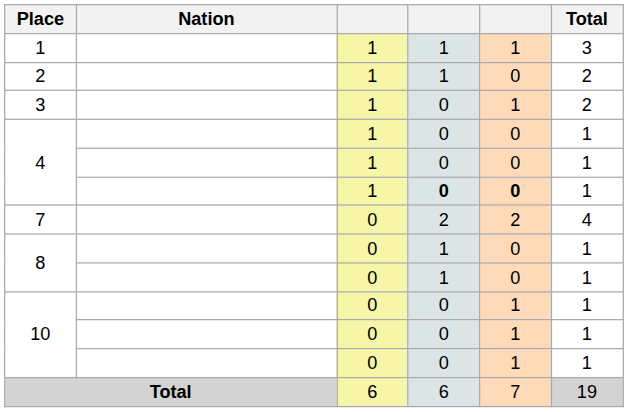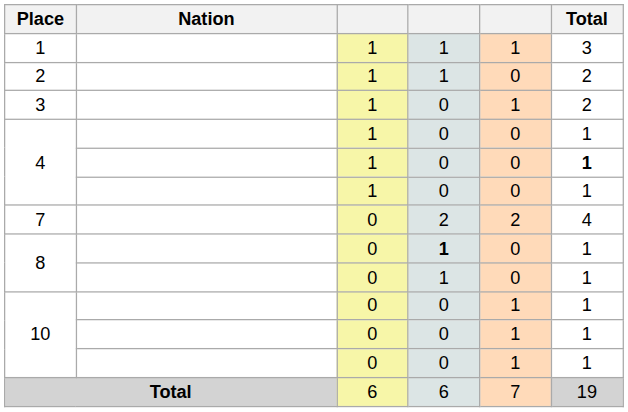 <table class=wikitable style="border:1px solid #AAAAAA;font-size:90%">
 <tr bgcolor="#EFEFEF">
 <th width=50>Place</th>
 <th width=200>Nation</th>
 <th width=50></th>
 <th width=50></th>
 <th width=50></th>
 <th width=50>Total</th>
 </tr>
 <tr align="center" valign="center" bgcolor="#FFFFFF">
 <td>1</td>
 <td align="left"></td>
 <td style="background:#F7F6A8;">1</td>
 <td style="background:#DCE5E5;">1</td>
 <td style="background:#FFDAB9;">1</td>
 <td>3</td>
 </tr>
 <tr align="center" valign="center" bgcolor="#FFFFFF">
 <td>2</td>
 <td align="left"></td>
 <td style="background:#F7F6A8;">1</td>
 <td style="background:#DCE5E5;">1</td>
 <td style="background:#FFDAB9;">0</td>
 <td>2</td>
 </tr>
 <tr align="center" valign="center" bgcolor="#FFFFFF">
 <td>3</td>
 <td align="left"></td>
 <td style="background:#F7F6A8;">1</td>
 <td style="background:#DCE5E5;">0</td>
 <td style="background:#FFDAB9;">1</td>
 <td>2</td>
 </tr>
 <tr align="center" valign="center" bgcolor="#FFFFFF">
 <td rowspan=3>4</td>
 <td align="left"></td>
 <td style="background:#F7F6A8;">1</td>
 <td style="background:#DCE5E5;">0</td>
 <td style="background:#FFDAB9;">0</td>
 <td>1</td>
 </tr>
 <tr align="center" valign="center" bgcolor="#FFFFFF">
 <td align="left"></td>
 <td style="background:#F7F6A8;">1</td>
 <td style="background:#DCE5E5;">0</td>
 <td style="background:#FFDAB9;">0</td>
-<td>1</td>
+<td><strong>1</strong></td>
 </tr>
 <tr align="center" valign="center" bgcolor="#FFFFFF">
 <td align="left"></td>
 <td style="background:#F7F6A8;">1</td>
-<td style="background:#DCE5E5;"><strong>0</strong></td>
-<td style="background:#FFDAB9;"><strong>0</strong></td>
+<td style="background:#DCE5E5;">0</td>
+<td style="background:#FFDAB9;">0</td>
 <td>1</td>
 </tr>
 <tr align="center" valign="center" bgcolor="#FFFFFF">
 <td>7</td>
 <td align="left"></td>
 <td style="background:#F7F6A8;">0</td>
 <td style="background:#DCE5E5;">2</td>
 <td style="background:#FFDAB9;">2</td>
 <td>4</td>
 </tr>
 <tr align="center" valign="center" bgcolor="#FFFFFF">
 <td rowspan=2>8</td>
 <td align="left"></td>
 <td style="background:#F7F6A8;">0</td>
-<td style="background:#DCE5E5;">1</td>
+<td style="background:#DCE5E5;"><strong>1</strong></td>
 <td style="background:#FFDAB9;">0</td>
 <td>1</td>
 </tr>
 <tr align="center" valign="center" bgcolor="#FFFFFF">
 <td align="left"></td>
 <td style="background:#F7F6A8;">0</td>
 <td style="background:#DCE5E5;">1</td>
 <td style="background:#FFDAB9;">0</td>
 <td>1</td>
 </tr>
 <tr align="center" valign="center" bgcolor="#FFFFFF">
 <td rowspan=3>10</td>
 <td align="left"></td>
 <td style="background:#F7F6A8;">0</td>
 <td style="background:#DCE5E5;">0</td>
 <td style="background:#FFDAB9;">1</td>
 <td>1</td>
 </tr>
 <tr align="center" valign="center" bgcolor="#FFFFFF">
 <td align="left"></td>
 <td style="background:#F7F6A8;">0</td>
 <td style="background:#DCE5E5;">0</td>
 <td style="background:#FFDAB9;">1</td>
 <td>1</td>
 </tr>
 <tr align="center" valign="center" bgcolor="#FFFFFF">
 <td align="left"></td>
 <td style="background:#F7F6A8;">0</td>
 <td style="background:#DCE5E5;">0</td>
 <td style="background:#FFDAB9;">1</td>
 <td>1</td>
 </tr>
 <tr align="center">
 <td colspan="2" bgcolor=D3D3D3><strong>Total</strong></td>
 <td style="background:#F7F6A8;">6</td>
 <td style="background:#DCE5E5;">6</td>
 <td style="background:#FFDAB9;">7</td>
 <td bgcolor=D3D3D3>19</td>
 </tr>
 </table>
